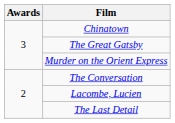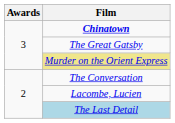 <table class="wikitable" style="text-align:center;">
 <tr>
 <th style="background:">Awards</th>
 <th style="background:">Film</th>
 </tr>
 <tr>
 <td rowspan="3">3</td>
-<td><em><a href='#'>Chinatown</a></em></td>
+<td><strong><em><a href='#'>Chinatown</a></em></strong></td>
 </tr>
 <tr>
 <td><em><a href='#'>The Great Gatsby</a></em></td>
 </tr>
 <tr>
-<td><em><a href='#'>Murder on the Orient Express</a></em></td>
+<td style="background: khaki;"><em><a href='#'>Murder on the Orient Express</a></em></td>
 </tr>
 <tr>
 <td rowspan="3">2</td>
 <td><em><a href='#'>The Conversation</a></em></td>
 </tr>
 <tr>
 <td><em><a href='#'>Lacombe, Lucien</a></em></td>
 </tr>
 <tr>
-<td><em><a href='#'>The Last Detail</a></em></td>
+<td style="background: lightblue;"><em><a href='#'>The Last Detail</a></em></td>
 </tr>
 </table>
